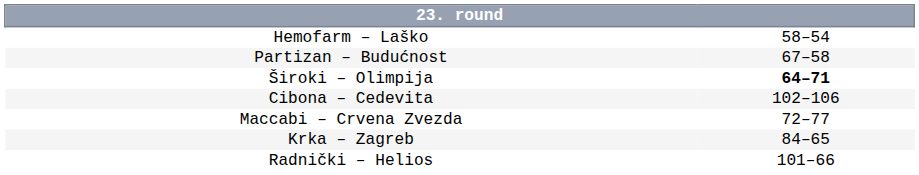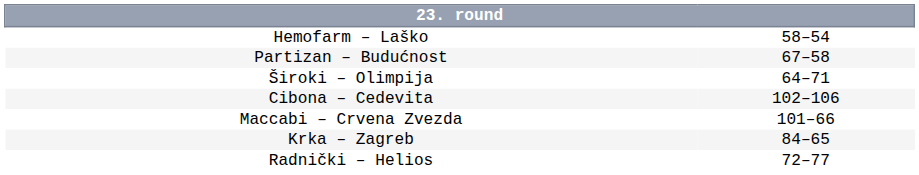 <table border=0 cellspacing=0 cellpadding=1em style="font-size: 85%; border-collapse: collapse;" width=100%>
 <tr>
 <td colspan=5 bgcolor=#98A1B2 style="border:1px solid #7A8392; text-align:center; color:#FFFFFF;"><strong>23. round</strong></td>
 </tr>
 <tr style="text-align:center; background:#FFFFFF">
 <td>Hemofarm – Laško</td>
 <td>58–54</td>
 </tr>
 <tr align=center bgcolor=#f5f5f5>
 <td>Partizan – Budućnost</td>
 <td>67–58</td>
 </tr>
 <tr style="text-align:center; background:#FFFFFF">
 <td>Široki – Olimpija</td>
-<td><strong>64–71</strong></td>
+<td>64–71</td>
 </tr>
 <tr align=center bgcolor=#f5f5f5>
 <td>Cibona – Cedevita</td>
 <td>102–106</td>
 </tr>
 <tr style="text-align:center; background:#FFFFFF">
 <td>Maccabi – Crvena Zvezda</td>
-<td>72–77</td>
+<td>101–66</td>
 </tr>
 <tr align=center bgcolor=#f5f5f5>
 <td>Krka – Zagreb</td>
 <td>84–65</td>
 </tr>
 <tr style="text-align:center; background:#FFFFFF">
 <td>Radnički – Helios</td>
-<td>101–66</td>
+<td>72–77</td>
 </tr>
 </table>
